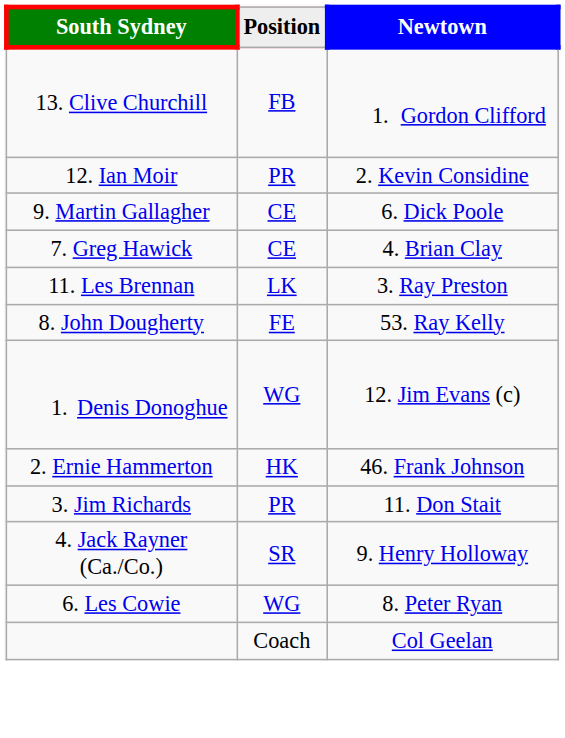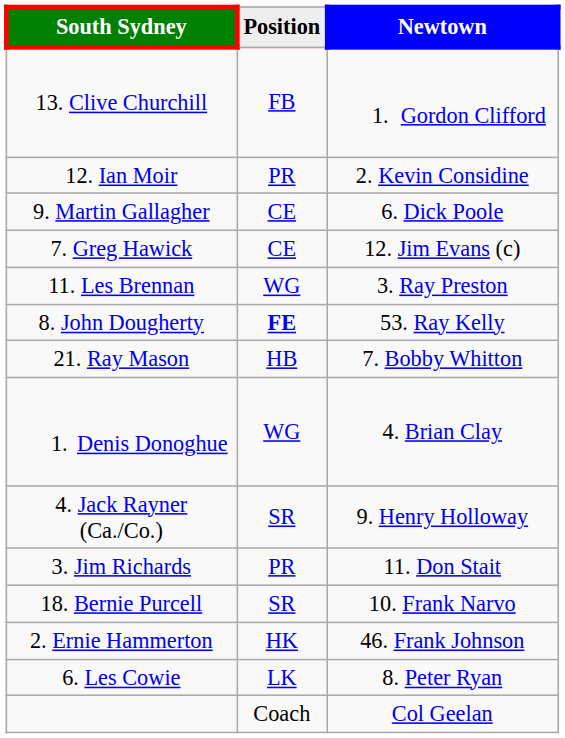 <table class="wikitable" style="float:right; font-size:90%; margin-left:1em;">
 <tr style="background:#f03;">
 <th style="width:140px; border:3px solid red; background: green; color: white">South Sydney</th>
 <th style="width:40px; text-align:center; background:#eee; color:black;">Position</th>
 <th style="width:140px; border:3px solid blue; background: blue; color: white">Newtown</th>
 </tr>
 <tr align=center>
 <td>13. <a href='#'>Clive Churchill</a></td>
 <td><a href='#'>FB</a></td>
 <td><br><ol><li><a href='#'>Gordon Clifford</a></li></ol></td>
 </tr>
 <tr align=center>
 <td>12. <a href='#'>Ian Moir</a></td>
 <td><a href='#'>PR</a></td>
 <td>2. <a href='#'>Kevin Considine</a></td>
 </tr>
 <tr align=center>
 <td>9. <a href='#'>Martin Gallagher</a></td>
 <td><a href='#'>CE</a></td>
 <td>6. <a href='#'>Dick Poole</a></td>
 </tr>
 <tr align=center>
 <td>7. <a href='#'>Greg Hawick</a></td>
 <td><a href='#'>CE</a></td>
-<td>4. <a href='#'>Brian Clay</a></td>
+<td>12. <a href='#'>Jim Evans</a> (c)</td>
 </tr>
 <tr align=center>
 <td>11. <a href='#'>Les Brennan</a></td>
-<td><a href='#'>LK</a></td>
+<td><a href='#'>WG</a></td>
 <td>3. <a href='#'>Ray Preston</a></td>
 </tr>
 <tr align=center>
 <td>8. <a href='#'>John Dougherty</a></td>
-<td><a href='#'>FE</a></td>
+<td><strong><a href='#'>FE</a></strong></td>
 <td>53. <a href='#'>Ray Kelly</a></td>
+</tr>
+<tr align=center>
+<td>21. <a href='#'>Ray Mason</a></td>
+<td><a href='#'>HB</a></td>
+<td>7. <a href='#'>Bobby Whitton</a></td>
 </tr>
 <tr align=center>
 <td><br><ol><li><a href='#'>Denis Donoghue</a></li></ol></td>
 <td><a href='#'>WG</a></td>
-<td>12. <a href='#'>Jim Evans</a> (c)</td>
+<td>4. <a href='#'>Brian Clay</a></td>
+</tr>
+<tr align=center>
+<td>4. <a href='#'>Jack Rayner</a> (Ca./Co.)</td>
+<td><a href='#'>SR</a></td>
+<td>9. <a href='#'>Henry Holloway</a></td>
+</tr>
+<tr align=center>
+<td>3. <a href='#'>Jim Richards</a></td>
+<td><a href='#'>PR</a></td>
+<td>11. <a href='#'>Don Stait</a></td>
+</tr>
+<tr align=center>
+<td>18. <a href='#'>Bernie Purcell</a></td>
+<td><a href='#'>SR</a></td>
+<td>10. <a href='#'>Frank Narvo</a></td>
 </tr>
 <tr align=center>
 <td>2. <a href='#'>Ernie Hammerton</a></td>
 <td><a href='#'>HK</a></td>
 <td>46. <a href='#'>Frank Johnson</a></td>
 </tr>
 <tr align=center>
-<td>3. <a href='#'>Jim Richards</a></td>
-<td><a href='#'>PR</a></td>
-<td>11. <a href='#'>Don Stait</a></td>
-</tr>
-<tr align=center>
-<td>4. <a href='#'>Jack Rayner</a> (Ca./Co.)</td>
-<td><a href='#'>SR</a></td>
-<td>9. <a href='#'>Henry Holloway</a></td>
-</tr>
-<tr align=center>
 <td>6. <a href='#'>Les Cowie</a></td>
-<td><a href='#'>WG</a></td>
+<td><a href='#'>LK</a></td>
 <td>8. <a href='#'>Peter Ryan</a></td>
 </tr>
 <tr align=center>
 <td></td>
 <td>Coach</td>
 <td><a href='#'>Col Geelan</a></td>
 </tr>
 </table>
